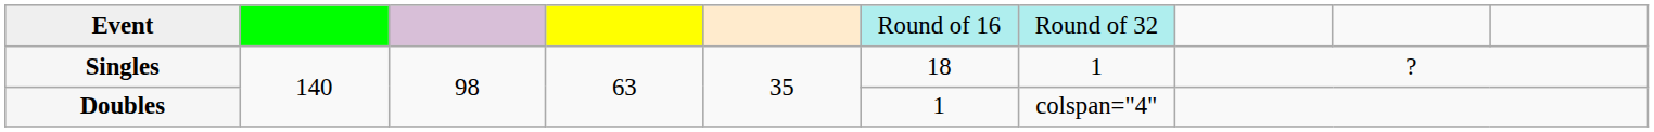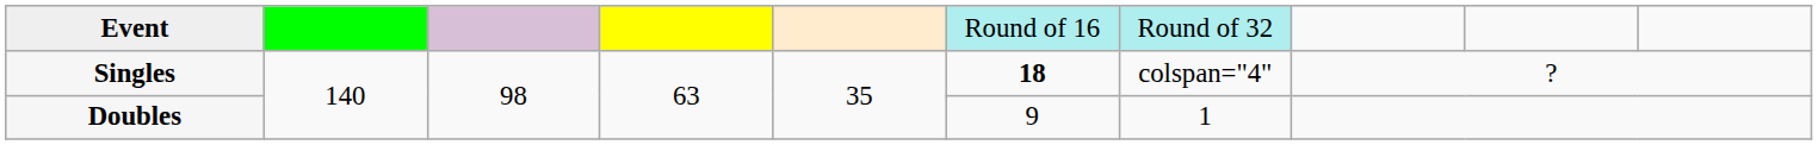 <table class=wikitable style=font-size:90%;text-align:center>
 <tr>
 <td style="width:130px; background:#efefef;"><strong>Event</strong></td>
 <td style="width:80px; background:lime;"></td>
 <td style="width:85px; background:thistle;"></td>
 <td style="width:85px; background:#ff0;"></td>
 <td style="width:85px; background:#ffebcd;"></td>
 <td style="width:85px; background:#afeeee;">Round of 16</td>
 <td style="width:85px; background:#afeeee;">Round of 32</td>
 <td width=85></td>
 <td width=85></td>
 <td width=85></td>
 </tr>
 <tr>
 <th style="background:#f6f6f6;">Singles</th>
 <td rowspan="2">140</td>
 <td rowspan="2">98</td>
 <td rowspan="2">63</td>
 <td rowspan="2">35</td>
-<td>18</td>
-<td>1</td>
+<td><strong>18</strong></td>
+<td>colspan="4" </td>
 <td colspan="3">?</td>
 </tr>
 <tr>
 <th style="background:#f6f6f6;">Doubles</th>
+<td>9</td>
 <td>1</td>
-<td>colspan="4" </td>
 </tr>
 </table>
